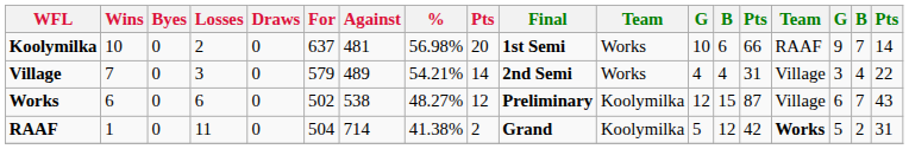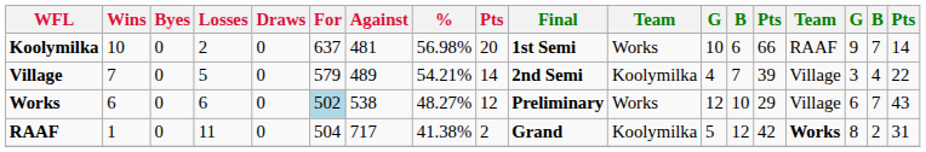 <table class="wikitable">
 <tr>
 <th style="color:crimson">WFL</th>
 <th style="color:crimson">Wins</th>
 <th style="color:crimson">Byes</th>
 <th style="color:crimson">Losses</th>
 <th style="color:crimson">Draws</th>
 <th style="color:crimson">For</th>
 <th style="color:crimson">Against</th>
 <th style="color:crimson">%</th>
 <th style="color:crimson">Pts</th>
 <th style="color:green">Final</th>
 <th style="color:green">Team</th>
 <th style="color:green">G</th>
 <th style="color:green">B</th>
 <th style="color:green">Pts</th>
 <th style="color:green">Team</th>
 <th style="color:green">G</th>
 <th style="color:green">B</th>
 <th style="color:green">Pts</th>
 </tr>
 <tr>
 <td><strong>	Koolymilka	</strong></td>
 <td>10</td>
 <td>0</td>
 <td>2</td>
 <td>0</td>
 <td>637</td>
 <td>481</td>
 <td>56.98%</td>
 <td>20</td>
 <td><strong>1st Semi</strong></td>
 <td>Works</td>
 <td>10</td>
 <td>6</td>
 <td>66</td>
 <td>RAAF</td>
 <td>9</td>
 <td>7</td>
 <td>14</td>
 </tr>
 <tr>
 <td><strong>	Village	</strong></td>
 <td>7</td>
 <td>0</td>
-<td>3</td>
+<td>5</td>
 <td>0</td>
 <td>579</td>
 <td>489</td>
 <td>54.21%</td>
 <td>14</td>
 <td><strong>2nd Semi</strong></td>
-<td>Works</td>
+<td>Koolymilka</td>
 <td>4</td>
-<td>4</td>
-<td>31</td>
+<td>7</td>
+<td>39</td>
 <td>Village</td>
 <td>3</td>
 <td>4</td>
 <td>22</td>
 </tr>
 <tr>
 <td><strong>	Works	</strong></td>
 <td>6</td>
 <td>0</td>
 <td>6</td>
 <td>0</td>
-<td>502</td>
+<td style="background: lightblue;">502</td>
 <td>538</td>
 <td>48.27%</td>
 <td>12</td>
 <td><strong>Preliminary</strong></td>
-<td>Koolymilka</td>
+<td>Works</td>
 <td>12</td>
-<td>15</td>
-<td>87</td>
+<td>10</td>
+<td>29</td>
 <td>Village</td>
 <td>6</td>
 <td>7</td>
 <td>43</td>
 </tr>
 <tr>
 <td><strong>	RAAF	</strong></td>
 <td>1</td>
 <td>0</td>
 <td>11</td>
 <td>0</td>
 <td>504</td>
-<td>714</td>
+<td>717</td>
 <td>41.38%</td>
 <td>2</td>
 <td><strong>Grand</strong></td>
 <td>Koolymilka</td>
 <td>5</td>
 <td>12</td>
 <td>42</td>
 <td><strong>Works</strong></td>
-<td>5</td>
+<td>8</td>
 <td>2</td>
 <td>31</td>
 </tr>
 <tr>
 </tr>
 </table>
